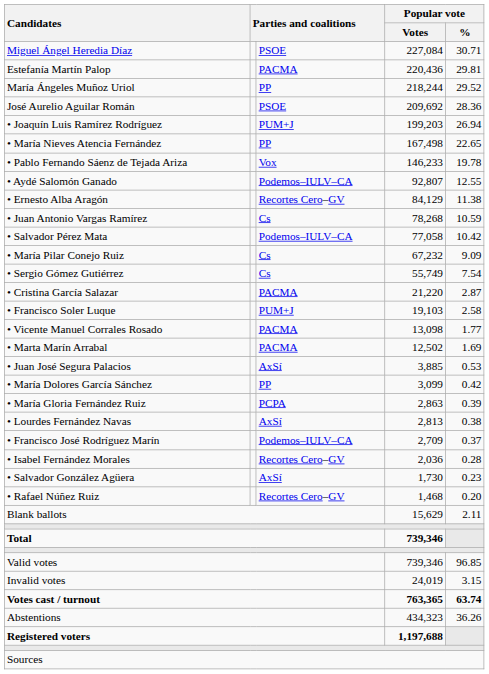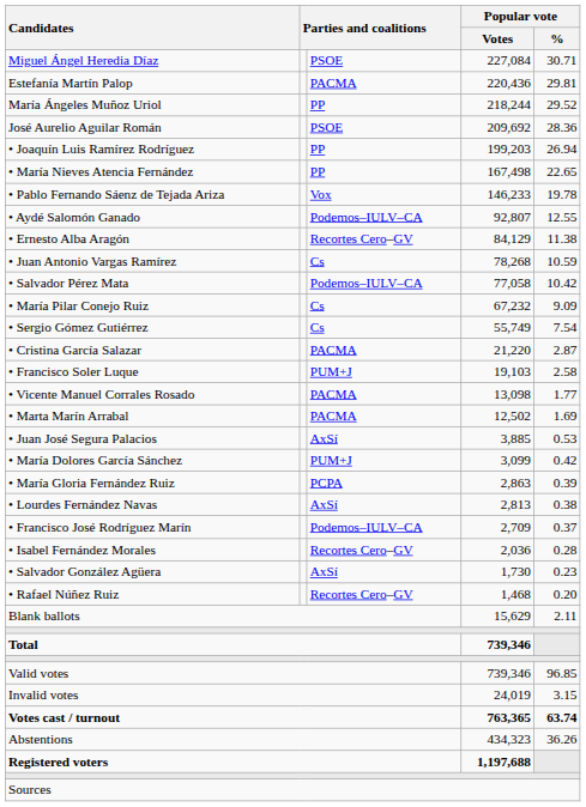 <table class="wikitable" style="text-align:right; font-size:95%;">
 <tr>
 <th style="text-align:left;" rowspan="2" width="325">Candidates</th>
 <th style="text-align:left;" rowspan="2" colspan="2" width="175">Parties and coalitions</th>
 <th colspan="2">Popular vote</th>
 </tr>
 <tr>
 <th width="75">Votes</th>
 <th width="45">%</th>
 </tr>
 <tr>
 <td align="left"> <a href='#'>Miguel Ángel Heredia Díaz</a></td>
 <td width="1" style="color:inherit;background:"></td>
 <td align="left"><a href='#'>PSOE</a></td>
 <td>227,084</td>
 <td>30.71</td>
 </tr>
 <tr>
 <td align="left"> Estefanía Martín Palop</td>
 <td style="color:inherit;background:"></td>
 <td align="left"><a href='#'>PACMA</a></td>
 <td>220,436</td>
 <td>29.81</td>
 </tr>
 <tr>
 <td align="left"> María Ángeles Muñoz Uriol</td>
 <td style="color:inherit;background:"></td>
 <td align="left"><a href='#'>PP</a></td>
 <td>218,244</td>
 <td>29.52</td>
 </tr>
 <tr>
 <td align="left"> José Aurelio Aguilar Román</td>
 <td style="color:inherit;background:"></td>
 <td align="left"><a href='#'>PSOE</a></td>
 <td>209,692</td>
 <td>28.36</td>
 </tr>
 <tr>
 <td align="left">• Joaquín Luis Ramírez Rodríguez</td>
 <td style="color:inherit;background:"></td>
-<td align="left"><a href='#'>PUM+J</a></td>
+<td align="left"><a href='#'>PP</a></td>
 <td>199,203</td>
 <td>26.94</td>
 </tr>
 <tr>
 <td align="left">• María Nieves Atencia Fernández</td>
 <td style="color:inherit;background:"></td>
 <td align="left"><a href='#'>PP</a></td>
 <td>167,498</td>
 <td>22.65</td>
 </tr>
 <tr>
 <td align="left">• Pablo Fernando Sáenz de Tejada Ariza</td>
 <td style="color:inherit;background:"></td>
 <td align="left"><a href='#'>Vox</a></td>
 <td>146,233</td>
 <td>19.78</td>
 </tr>
 <tr>
 <td align="left">• Aydé Salomón Ganado</td>
 <td style="color:inherit;background:"></td>
 <td align="left"><a href='#'>Podemos–IULV–CA</a></td>
 <td>92,807</td>
 <td>12.55</td>
 </tr>
 <tr>
 <td align="left">• Ernesto Alba Aragón</td>
 <td style="color:inherit;background:"></td>
 <td align="left"><a href='#'>Recortes Cero</a>–<a href='#'>GV</a></td>
 <td>84,129</td>
 <td>11.38</td>
 </tr>
 <tr>
 <td align="left">• Juan Antonio Vargas Ramírez</td>
 <td style="color:inherit;background:"></td>
 <td align="left"><a href='#'>Cs</a></td>
 <td>78,268</td>
 <td>10.59</td>
 </tr>
 <tr>
 <td align="left">• Salvador Pérez Mata</td>
 <td style="color:inherit;background:"></td>
 <td align="left"><a href='#'>Podemos–IULV–CA</a></td>
 <td>77,058</td>
 <td>10.42</td>
 </tr>
 <tr>
 <td align="left">• María Pilar Conejo Ruiz</td>
 <td style="color:inherit;background:"></td>
 <td align="left"><a href='#'>Cs</a></td>
 <td>67,232</td>
 <td>9.09</td>
 </tr>
 <tr>
 <td align="left">• Sergio Gómez Gutiérrez</td>
 <td style="color:inherit;background:"></td>
 <td align="left"><a href='#'>Cs</a></td>
 <td>55,749</td>
 <td>7.54</td>
 </tr>
 <tr>
 <td align="left">• Cristina García Salazar</td>
 <td style="color:inherit;background:"></td>
 <td align="left"><a href='#'>PACMA</a></td>
 <td>21,220</td>
 <td>2.87</td>
 </tr>
 <tr>
 <td align="left">• Francisco Soler Luque</td>
 <td style="color:inherit;background:"></td>
 <td align="left"><a href='#'>PUM+J</a></td>
 <td>19,103</td>
 <td>2.58</td>
 </tr>
 <tr>
 <td align="left">• Vicente Manuel Corrales Rosado</td>
 <td style="color:inherit;background:"></td>
 <td align="left"><a href='#'>PACMA</a></td>
 <td>13,098</td>
 <td>1.77</td>
 </tr>
 <tr>
 <td align="left">• Marta Marín Arrabal</td>
 <td style="color:inherit;background:"></td>
 <td align="left"><a href='#'>PACMA</a></td>
 <td>12,502</td>
 <td>1.69</td>
 </tr>
 <tr>
 <td align="left">• Juan José Segura Palacios</td>
 <td style="color:inherit;background:"></td>
 <td align="left"><a href='#'>AxSí</a></td>
 <td>3,885</td>
 <td>0.53</td>
 </tr>
 <tr>
 <td align="left">• María Dolores García Sánchez</td>
 <td style="color:inherit;background:"></td>
-<td align="left"><a href='#'>PP</a></td>
+<td align="left"><a href='#'>PUM+J</a></td>
 <td>3,099</td>
 <td>0.42</td>
 </tr>
 <tr>
 <td align="left">• María Gloria Fernández Ruiz</td>
 <td style="color:inherit;background:"></td>
 <td align="left"><a href='#'>PCPA</a></td>
 <td>2,863</td>
 <td>0.39</td>
 </tr>
 <tr>
 <td align="left">• Lourdes Fernández Navas</td>
 <td style="color:inherit;background:"></td>
 <td align="left"><a href='#'>AxSí</a></td>
 <td>2,813</td>
 <td>0.38</td>
 </tr>
 <tr>
 <td align="left">• Francisco José Rodríguez Marín</td>
 <td style="color:inherit;background:"></td>
 <td align="left"><a href='#'>Podemos–IULV–CA</a></td>
 <td>2,709</td>
 <td>0.37</td>
 </tr>
 <tr>
 <td align="left">• Isabel Fernández Morales</td>
 <td style="color:inherit;background:"></td>
 <td align="left"><a href='#'>Recortes Cero</a>–<a href='#'>GV</a></td>
 <td>2,036</td>
 <td>0.28</td>
 </tr>
 <tr>
 <td align="left">• Salvador González Agüera</td>
 <td style="color:inherit;background:"></td>
 <td align="left"><a href='#'>AxSí</a></td>
 <td>1,730</td>
 <td>0.23</td>
 </tr>
 <tr>
 <td align="left">• Rafael Núñez Ruiz</td>
 <td style="color:inherit;background:"></td>
 <td align="left"><a href='#'>Recortes Cero</a>–<a href='#'>GV</a></td>
 <td>1,468</td>
 <td>0.20</td>
 </tr>
 <tr>
 <td align="left" colspan="3">Blank ballots</td>
 <td>15,629</td>
 <td>2.11</td>
 </tr>
 <tr>
 <td colspan="5" bgcolor="#E9E9E9"></td>
 </tr>
 <tr style="font-weight:bold;">
 <td align="left" colspan="3">Total</td>
 <td>739,346</td>
 <td bgcolor="#E9E9E9"></td>
 </tr>
 <tr>
 <td colspan="5" bgcolor="#E9E9E9"></td>
 </tr>
 <tr>
 <td align="left" colspan="3">Valid votes</td>
 <td>739,346</td>
 <td>96.85</td>
 </tr>
 <tr>
 <td align="left" colspan="3">Invalid votes</td>
 <td>24,019</td>
 <td>3.15</td>
 </tr>
 <tr style="font-weight:bold;">
 <td align="left" colspan="3">Votes cast / turnout</td>
 <td>763,365</td>
 <td>63.74</td>
 </tr>
 <tr>
 <td align="left" colspan="3">Abstentions</td>
 <td>434,323</td>
 <td>36.26</td>
 </tr>
 <tr style="font-weight:bold;">
 <td align="left" colspan="3">Registered voters</td>
 <td>1,197,688</td>
 <td bgcolor="#E9E9E9"></td>
 </tr>
 <tr>
 <td colspan="5" bgcolor="#E9E9E9"></td>
 </tr>
 <tr>
 <td align="left" colspan="5">Sources</td>
 </tr>
 </table>
